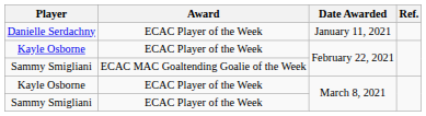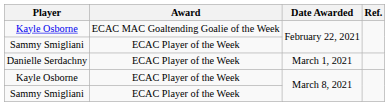 <table class="wikitable sortable sortable" style="text-align: center">
 <tr align=center>
 <th>Player</th>
 <th>Award</th>
 <th>Date Awarded</th>
 <th>Ref.</th>
 </tr>
 <tr>
-<td><a href='#'>Danielle Serdachny</a></td>
-<td>ECAC Player of the Week</td>
-<td>January 11, 2021</td>
-<td></td>
-</tr>
-<tr>
 <td><a href='#'>Kayle Osborne</a></td>
-<td>ECAC Player of the Week</td>
+<td>ECAC MAC Goaltending Goalie of the Week</td>
 <td rowspan="2">February 22, 2021</td>
 <td rowspan="2"></td>
 </tr>
 <tr>
 <td>Sammy Smigliani</td>
-<td>ECAC MAC Goaltending Goalie of the Week</td>
+<td>ECAC Player of the Week</td>
+</tr>
+<tr>
+<td>Danielle Serdachny</td>
+<td>ECAC Player of the Week</td>
+<td>March 1, 2021</td>
+<td></td>
 </tr>
 <tr>
 <td>Kayle Osborne</td>
 <td>ECAC Player of the Week</td>
 <td rowspan="2">March 8, 2021</td>
 <td rowspan="2"></td>
 </tr>
 <tr>
 <td>Sammy Smigliani</td>
 <td>ECAC Player of the Week</td>
 </tr>
 </table>
